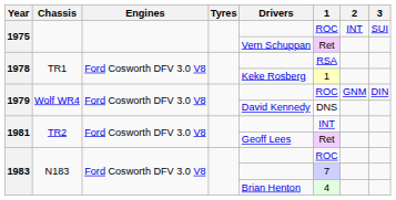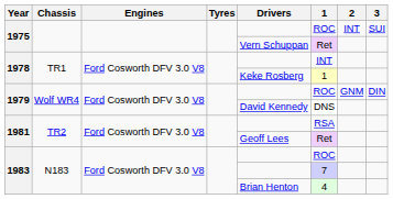 <table class="wikitable" style="text-align:center; font-size:85%">
 <tr>
 <th>Year</th>
 <th>Chassis</th>
 <th>Engines</th>
 <th>Tyres</th>
 <th>Drivers</th>
 <th>1</th>
 <th>2</th>
 <th>3</th>
 </tr>
 <tr>
 <th rowspan="2">1975</th>
 <td rowspan="2"></td>
 <td rowspan="2"></td>
 <td rowspan="2"></td>
 <td></td>
 <td><a href='#'>ROC</a></td>
 <td><a href='#'>INT</a></td>
 <td><a href='#'>SUI</a></td>
 </tr>
 <tr>
 <td align="left"> <a href='#'>Vern Schuppan</a></td>
 <td style="background:#EFCFFF;">Ret</td>
 <td></td>
 <td></td>
 </tr>
 <tr>
 <th rowspan="2">1978</th>
 <td rowspan="2">TR1</td>
 <td rowspan="2"><a href='#'>Ford</a> Cosworth DFV 3.0 <a href='#'>V8</a></td>
 <td rowspan="2"></td>
 <td></td>
-<td><a href='#'>RSA</a></td>
+<td><a href='#'>INT</a></td>
 <td></td>
 <td></td>
 </tr>
 <tr>
 <td align="left"> <a href='#'>Keke Rosberg</a></td>
 <td style="background:#FFFFBF;">1</td>
 <td></td>
 <td></td>
 </tr>
 <tr>
 <th rowspan="2">1979</th>
 <td rowspan="2"><a href='#'>Wolf WR4</a></td>
 <td rowspan="2"><a href='#'>Ford</a> Cosworth DFV 3.0 <a href='#'>V8</a></td>
 <td rowspan="2"></td>
 <td></td>
 <td><a href='#'>ROC</a></td>
 <td><a href='#'>GNM</a></td>
 <td><a href='#'>DIN</a></td>
 </tr>
 <tr>
 <td align="left"> <a href='#'>David Kennedy</a></td>
 <td style="background:#FFFFFF;">DNS</td>
 <td></td>
 <td></td>
 </tr>
 <tr>
 <th rowspan="2">1981</th>
 <td rowspan="2"><a href='#'>TR2</a></td>
 <td rowspan="2"><a href='#'>Ford</a> Cosworth DFV 3.0 <a href='#'>V8</a></td>
 <td rowspan="2"></td>
 <td></td>
-<td><a href='#'>INT</a></td>
+<td><a href='#'>RSA</a></td>
 <td></td>
 <td></td>
 </tr>
 <tr>
 <td align="left"> <a href='#'>Geoff Lees</a></td>
 <td style="background:#EFCFFF;">Ret</td>
 <td></td>
 <td></td>
 </tr>
 <tr>
 <th rowspan="3">1983</th>
 <td rowspan="3">N183</td>
 <td rowspan="3"><a href='#'>Ford</a> Cosworth DFV 3.0 <a href='#'>V8</a></td>
 <td rowspan="3"></td>
 <td></td>
 <td><a href='#'>ROC</a></td>
 <td></td>
 <td></td>
 </tr>
 <tr>
 <td align="left"></td>
 <td style="background:#CFCFFF;">7</td>
 <td></td>
 <td></td>
 </tr>
 <tr>
 <td align="left"> <a href='#'>Brian Henton</a></td>
 <td style="background:#DFFFDF;">4</td>
 <td></td>
 <td></td>
 </tr>
 </table>
